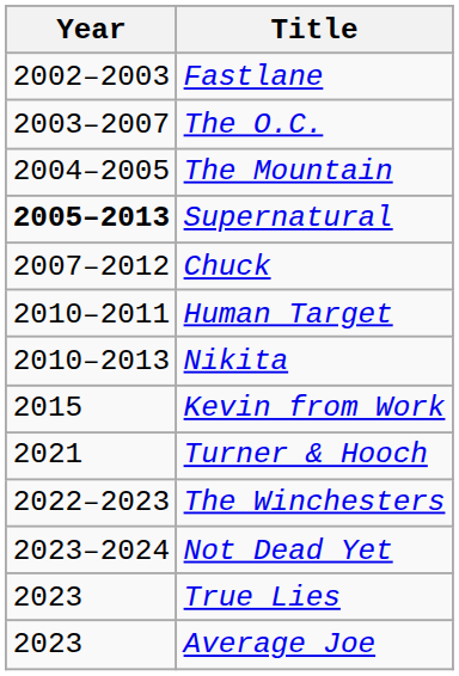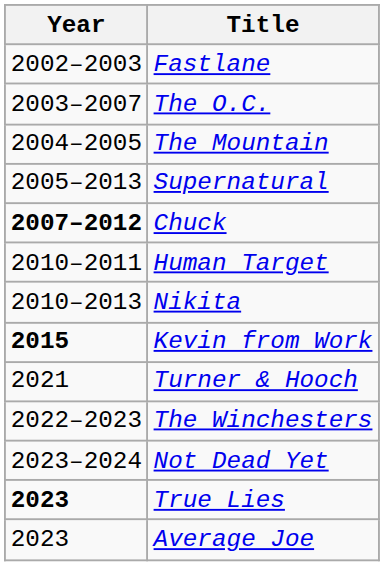 <table class="wikitable">
 <tr>
 <th>Year</th>
 <th>Title</th>
 </tr>
 <tr>
 <td>2002–2003</td>
 <td><em><a href='#'>Fastlane</a></em></td>
 </tr>
 <tr>
 <td>2003–2007</td>
 <td><em><a href='#'>The O.C.</a></em></td>
 </tr>
 <tr>
 <td>2004–2005</td>
 <td><em><a href='#'>The Mountain</a></em></td>
 </tr>
 <tr>
-<td><strong>2005–2013</strong></td>
+<td>2005–2013</td>
 <td><em><a href='#'>Supernatural</a></em></td>
 </tr>
 <tr>
-<td>2007–2012</td>
+<td><strong>2007–2012</strong></td>
 <td><em><a href='#'>Chuck</a></em></td>
 </tr>
 <tr>
 <td>2010–2011</td>
 <td><em><a href='#'>Human Target</a></em></td>
 </tr>
 <tr>
 <td>2010–2013</td>
 <td><em><a href='#'>Nikita</a></em></td>
 </tr>
 <tr>
-<td>2015</td>
+<td><strong>2015</strong></td>
 <td><em><a href='#'>Kevin from Work</a></em></td>
 </tr>
 <tr>
 <td>2021</td>
 <td><em><a href='#'>Turner & Hooch</a></em></td>
 </tr>
 <tr>
 <td>2022–2023</td>
 <td><em><a href='#'>The Winchesters</a></em></td>
 </tr>
 <tr>
 <td>2023–2024</td>
 <td><em><a href='#'>Not Dead Yet</a></em></td>
 </tr>
 <tr>
-<td>2023</td>
+<td><strong>2023</strong></td>
 <td><em><a href='#'>True Lies</a></em></td>
 </tr>
 <tr>
 <td>2023</td>
 <td><em><a href='#'>Average Joe</a></em></td>
 </tr>
 </table>
